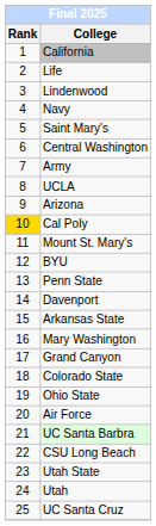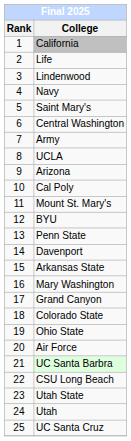 <table class="wikitable sortable collapsible collapsed">
 <tr>
 <th colspan=2 style="background:#BFD7FF; color:white;">Final 2025</th>
 </tr>
 <tr>
 <th>Rank</th>
 <th>College</th>
 </tr>
 <tr>
 <td align="center ">1</td>
 <td style="background:silver">California</td>
 </tr>
 <tr>
 <td align="center ">2</td>
 <td>Life</td>
 </tr>
 <tr>
 <td align="center ">3</td>
 <td>Lindenwood</td>
 </tr>
 <tr>
 <td align="center ">4</td>
 <td>Navy</td>
 </tr>
 <tr>
 <td align="center ">5</td>
 <td>Saint Mary's</td>
 </tr>
 <tr>
 <td align="center ">6</td>
 <td>Central Washington</td>
 </tr>
 <tr>
 <td align="center ">7</td>
 <td>Army</td>
 </tr>
 <tr>
 <td align="center ">8</td>
 <td>UCLA</td>
 </tr>
 <tr>
 <td align="center ">9</td>
 <td>Arizona</td>
 </tr>
 <tr>
-<td align="center " style="background: gold;">10</td>
+<td align="center ">10</td>
 <td>Cal Poly</td>
 </tr>
 <tr>
 <td align="center ">11</td>
 <td>Mount St. Mary's</td>
 </tr>
 <tr>
 <td align="center ">12</td>
 <td>BYU</td>
 </tr>
 <tr>
 <td align="center ">13</td>
 <td>Penn State</td>
 </tr>
 <tr>
 <td align="center ">14</td>
 <td>Davenport</td>
 </tr>
 <tr>
 <td align="center ">15</td>
 <td>Arkansas State</td>
 </tr>
 <tr>
 <td align="center ">16</td>
 <td>Mary Washington</td>
 </tr>
 <tr>
 <td align="center ">17</td>
 <td>Grand Canyon</td>
 </tr>
 <tr>
 <td align="center ">18</td>
 <td>Colorado State</td>
 </tr>
 <tr>
 <td align="center ">19</td>
 <td>Ohio State</td>
 </tr>
 <tr>
 <td align="center ">20</td>
 <td>Air Force</td>
 </tr>
 <tr>
 <td align="center ">21</td>
 <td style="background:#dfd;">UC Santa Barbra</td>
 </tr>
 <tr>
 <td align="center ">22</td>
 <td>CSU Long Beach</td>
 </tr>
 <tr>
 <td align="center ">23</td>
 <td>Utah State</td>
 </tr>
 <tr>
 <td align="center ">24</td>
 <td>Utah</td>
 </tr>
 <tr>
 <td align="center ">25</td>
 <td>UC Santa Cruz</td>
 </tr>
 <tr>
 </tr>
 </table>
